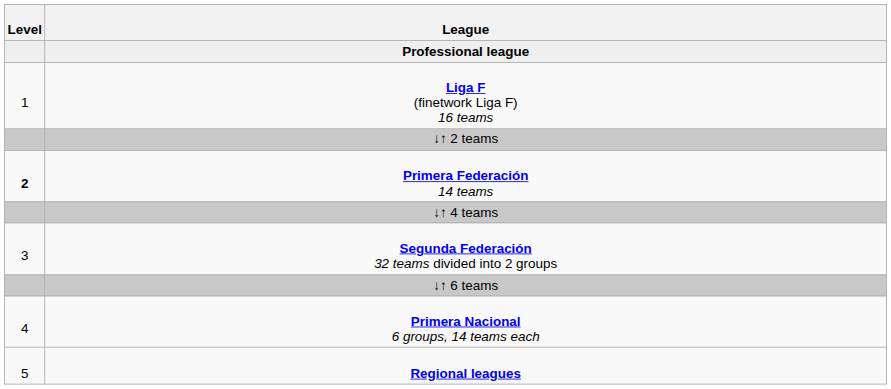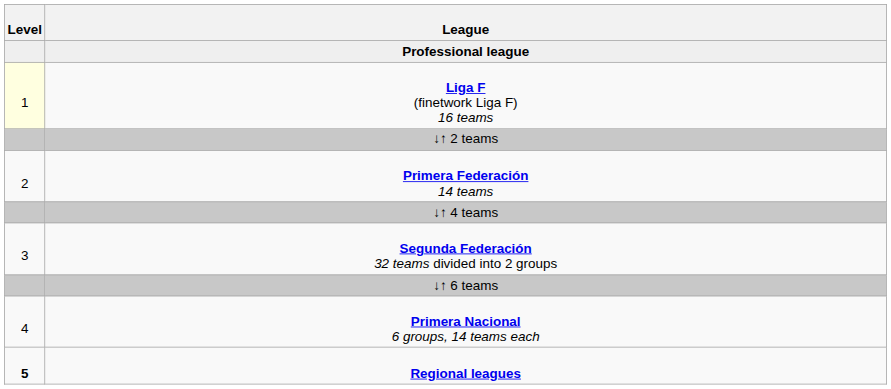 <table class="wikitable" style="text-align: center;">
 <tr south>
 <th colspan="1" width="4%"><br>Level</th>
 <th colspan="12" width="96%"><br>League</th>
 </tr>
 <tr style="background:#efefef;">
 <td width="4.6%" align="center"></td>
 <td colspan="18" width="95.4%" style="text-align:center;"><strong>Professional league</strong></td>
 </tr>
 <tr>
-<td colspan="1" width="4%"><br>1</td>
+<td colspan="1" width="4%" style="background: lightyellow;"><br>1</td>
 <td colspan="12" width="96%"><br><strong><a href='#'>Liga F</a></strong><br>(finetwork Liga F)<br><em>16 teams</em></td>
 </tr>
 <tr style="background:#c8c8c8">
 <td style="width:4%;"></td>
 <td colspan="12" style="width:96%;">↓↑ 2 teams</td>
 </tr>
 <tr>
-<td colspan="1" width="4%"><strong><br>2</strong></td>
+<td colspan="1" width="4%"><br>2</td>
 <td colspan="12" width="96%"><br><strong><a href='#'>Primera Federación</a></strong><br><em>14 teams</em></td>
 </tr>
 <tr style="background:#c8c8c8">
 <td style="width:4%;"></td>
 <td colspan="12" style="width:96%;">↓↑ 4 teams</td>
 </tr>
 <tr>
 <td colspan="1" width="4%"><br>3</td>
 <td colspan="12" width="96%"><br><strong><a href='#'>Segunda Federación</a></strong><br><em>32 teams</em> divided into 2 groups</td>
 </tr>
 <tr style="background:#c8c8c8">
 <td style="width:4%;"></td>
 <td colspan="12" style="width:96%;">↓↑ 6 teams</td>
 </tr>
 <tr>
 <td colspan="1" width="4%"><br>4</td>
 <td colspan="12" width="96%"><br><strong><a href='#'>Primera Nacional</a></strong><br><em>6 groups, 14 teams each</em></td>
 </tr>
 <tr>
-<td colspan="1" width="4%"><br>5</td>
+<td colspan="1" width="4%"><strong><br>5</strong></td>
 <td colspan="12" width="96%"><br><strong><a href='#'>Regional leagues</a></strong></td>
 </tr>
 </table>
